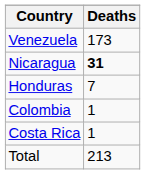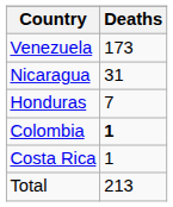 <table class="wikitable" align="right">
 <tr>
 </tr>
 <tr>
 <th scope="col">Country</th>
 <th scope="col">Deaths</th>
 </tr>
 <tr>
 <td><a href='#'>Venezuela</a></td>
 <td>173</td>
 </tr>
 <tr>
 <td><a href='#'>Nicaragua</a></td>
-<td><strong>31</strong></td>
+<td>31</td>
 </tr>
 <tr>
 <td><a href='#'>Honduras</a></td>
 <td>7</td>
 </tr>
 <tr>
 <td><a href='#'>Colombia</a></td>
-<td>1</td>
+<td><strong>1</strong></td>
 </tr>
 <tr>
 <td><a href='#'>Costa Rica</a></td>
 <td>1</td>
 </tr>
 <tr>
 <td>Total</td>
 <td>213</td>
 </tr>
 </table>
